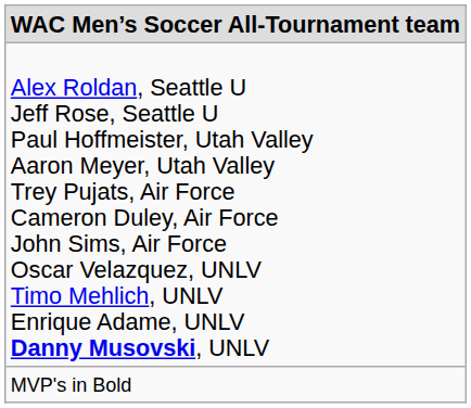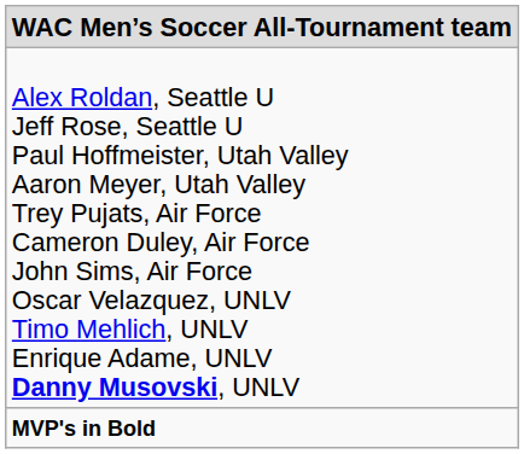 <table class="wikitable" style="white-space:nowrap; font-size:90%;">
 <tr>
 <td colspan="7" style="text-align:center; background:#ddd;"><strong>WAC Men’s Soccer All-Tournament team</strong></td>
 </tr>
 <tr>
 <td><br><a href='#'>Alex Roldan</a>, Seattle U<br> Jeff Rose, Seattle U<br> Paul Hoffmeister, Utah Valley<br> Aaron Meyer, Utah Valley<br> Trey Pujats, Air Force<br> Cameron Duley, Air Force<br> John Sims, Air Force<br> Oscar Velazquez, UNLV<br> <a href='#'>Timo Mehlich</a>, UNLV<br> Enrique Adame, UNLV<br> <strong><a href='#'>Danny Musovski</a></strong>, UNLV</td>
 </tr>
 <tr>
-<td><small>MVP's in Bold</small></td>
+<td><strong><small>MVP's in Bold</small></strong></td>
 </tr>
 </table>
